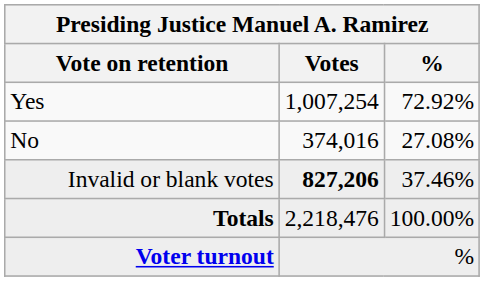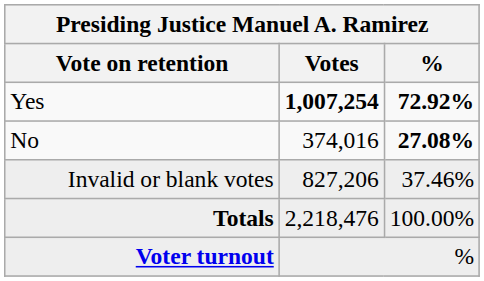 <table class="wikitable" style="font-size: 95%;">
 <tr style="background-color:#E9E9E9">
 <th colspan=7>Presiding Justice Manuel A. Ramirez</th>
 </tr>
 <tr style="background-color:#E9E9E9">
 <th style="width: 170px">Vote on retention</th>
 <th style="width: 50px">Votes</th>
 <th style="width: 40px">%</th>
 </tr>
 <tr>
 <td>Yes</td>
-<td align="right">1,007,254</td>
-<td align="right">72.92%</td>
+<td align="right"><strong>1,007,254</strong></td>
+<td align="right"><strong>72.92%</strong></td>
 </tr>
 <tr>
 <td>No</td>
 <td align="right">374,016</td>
-<td align="right">27.08%</td>
+<td align="right"><strong>27.08%</strong></td>
 </tr>
 <tr style="background-color:#EEEEEE">
 <td align="right">Invalid or blank votes</td>
-<td align="right"><strong>827,206</strong></td>
+<td align="right">827,206</td>
 <td align="right">37.46%</td>
 </tr>
 <tr style="background-color:#EEEEEE">
 <td colspan="1" align="right"><strong>Totals</strong></td>
 <td align="right">2,218,476</td>
 <td align="right">100.00%</td>
 </tr>
 <tr style="background-color:#EEEEEE">
 <td align="right"><strong><a href='#'>Voter turnout</a></strong></td>
 <td colspan="2" align="right">%</td>
 </tr>
 </table>
